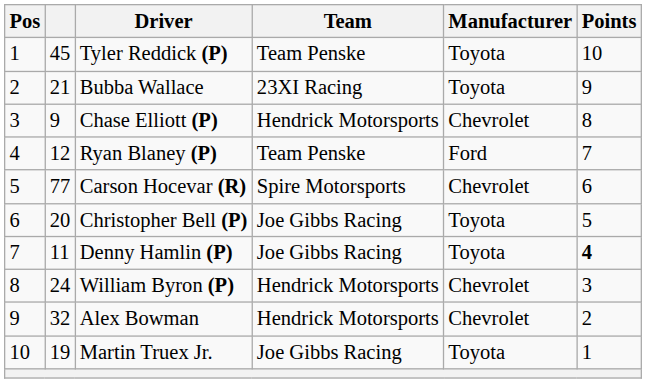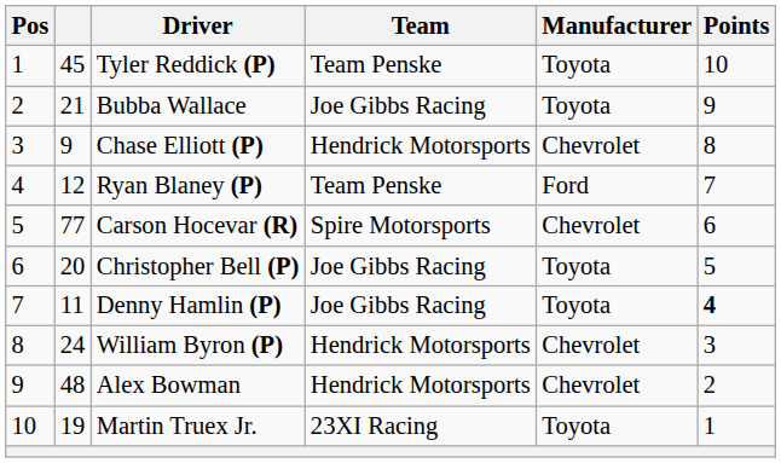 <table class="wikitable" style="font-size:98%">
 <tr>
 <th>Pos</th>
 <th></th>
 <th>Driver</th>
 <th>Team</th>
 <th>Manufacturer</th>
 <th>Points</th>
 </tr>
 <tr>
 <td>1</td>
 <td>45</td>
 <td>Tyler Reddick <strong>(P)</strong></td>
 <td>Team Penske</td>
 <td>Toyota</td>
 <td>10</td>
 </tr>
 <tr>
 <td>2</td>
 <td>21</td>
 <td>Bubba Wallace</td>
-<td>23XI Racing</td>
+<td>Joe Gibbs Racing</td>
 <td>Toyota</td>
 <td>9</td>
 </tr>
 <tr>
 <td>3</td>
 <td>9</td>
 <td>Chase Elliott <strong>(P)</strong></td>
 <td>Hendrick Motorsports</td>
 <td>Chevrolet</td>
 <td>8</td>
 </tr>
 <tr>
 <td>4</td>
 <td>12</td>
 <td>Ryan Blaney <strong>(P)</strong></td>
 <td>Team Penske</td>
 <td>Ford</td>
 <td>7</td>
 </tr>
 <tr>
 <td>5</td>
 <td>77</td>
 <td>Carson Hocevar <strong>(R)</strong></td>
 <td>Spire Motorsports</td>
 <td>Chevrolet</td>
 <td>6</td>
 </tr>
 <tr>
 <td>6</td>
 <td>20</td>
 <td>Christopher Bell <strong>(P)</strong></td>
 <td>Joe Gibbs Racing</td>
 <td>Toyota</td>
 <td>5</td>
 </tr>
 <tr>
 <td>7</td>
 <td>11</td>
 <td>Denny Hamlin <strong>(P)</strong></td>
 <td>Joe Gibbs Racing</td>
 <td>Toyota</td>
 <td><strong>4</strong></td>
 </tr>
 <tr>
 <td>8</td>
 <td>24</td>
 <td>William Byron <strong>(P)</strong></td>
 <td>Hendrick Motorsports</td>
 <td>Chevrolet</td>
 <td>3</td>
 </tr>
 <tr>
 <td>9</td>
-<td>32</td>
+<td>48</td>
 <td>Alex Bowman</td>
 <td>Hendrick Motorsports</td>
 <td>Chevrolet</td>
 <td>2</td>
 </tr>
 <tr>
 <td>10</td>
 <td>19</td>
 <td>Martin Truex Jr.</td>
-<td>Joe Gibbs Racing</td>
+<td>23XI Racing</td>
 <td>Toyota</td>
 <td>1</td>
 </tr>
 <tr>
 <th colspan="6"></th>
 </tr>
 </table>
